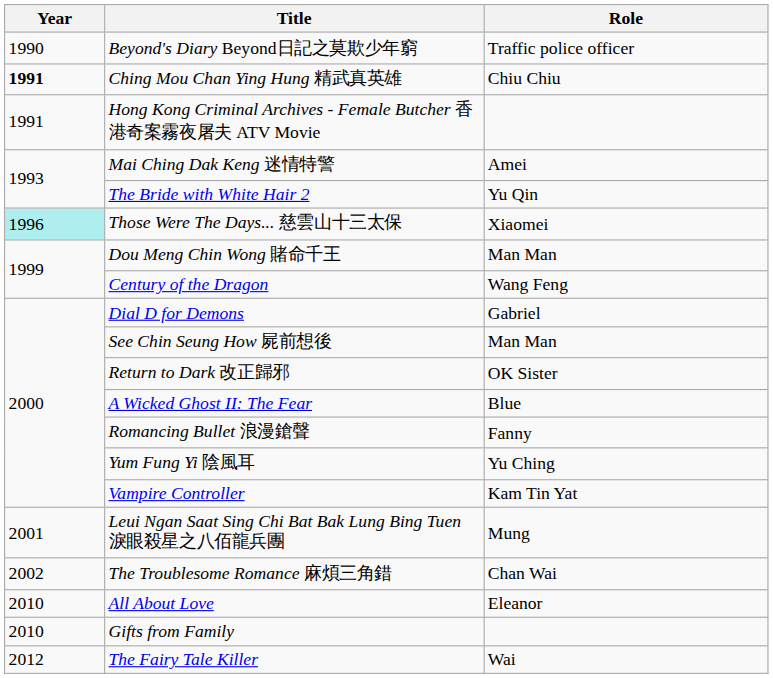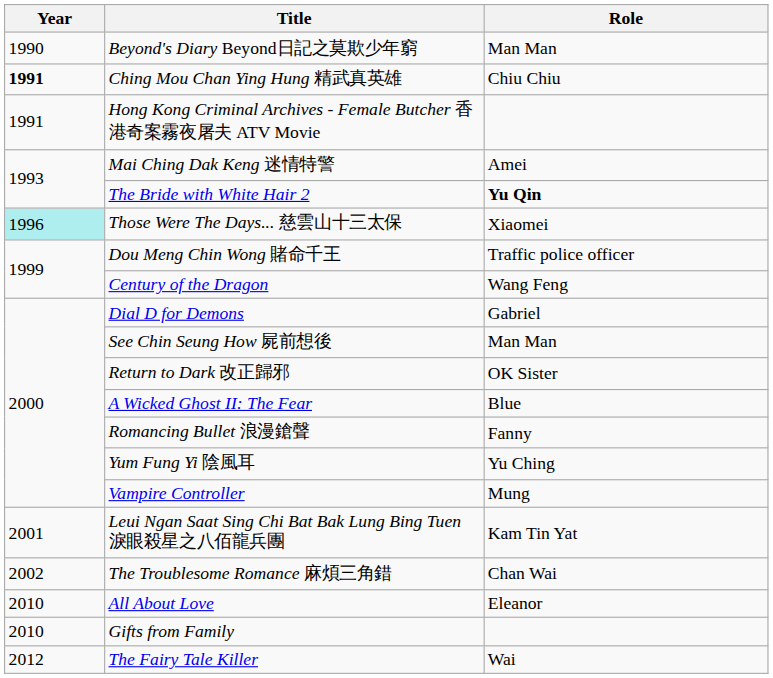 <table class="wikitable" width=55%>
 <tr>
 <th width=5%>Year</th>
 <th width=20%>Title</th>
 <th width=15%>Role</th>
 </tr>
 <tr>
 <td>1990</td>
 <td><em>Beyond's Diary</em> Beyond日記之莫欺少年窮</td>
-<td>Traffic police officer</td>
+<td>Man Man</td>
 </tr>
 <tr>
 <td><strong>1991</strong></td>
 <td><em>Ching Mou Chan Ying Hung</em> 精武真英雄</td>
 <td>Chiu Chiu</td>
 </tr>
 <tr>
 <td>1991</td>
 <td><em>Hong Kong Criminal Archives - Female Butcher</em> 香港奇案霧夜屠夫 ATV Movie</td>
 </tr>
 <tr>
 <td rowspan="2">1993</td>
 <td><em>Mai Ching Dak Keng</em> 迷情特警</td>
 <td>Amei</td>
 </tr>
 <tr>
 <td><em><a href='#'>The Bride with White Hair 2</a></em></td>
-<td>Yu Qin</td>
+<td><strong>Yu Qin</strong></td>
 </tr>
 <tr>
 <td style="background: paleturquoise;">1996</td>
 <td><em>Those Were The Days...</em> 慈雲山十三太保</td>
 <td>Xiaomei</td>
 </tr>
 <tr>
 <td rowspan="2">1999</td>
 <td><em>Dou Meng Chin Wong</em> 賭命千王</td>
-<td>Man Man</td>
+<td>Traffic police officer</td>
 </tr>
 <tr>
 <td><em><a href='#'>Century of the Dragon</a></em></td>
 <td>Wang Feng</td>
 </tr>
 <tr>
 <td rowspan="7">2000</td>
 <td><em><a href='#'>Dial D for Demons</a></em></td>
 <td>Gabriel</td>
 </tr>
 <tr>
 <td><em>See Chin Seung How</em> 屍前想後</td>
 <td>Man Man</td>
 </tr>
 <tr>
 <td><em>Return to Dark</em> 改正歸邪</td>
 <td>OK Sister</td>
 </tr>
 <tr>
 <td><em><a href='#'>A Wicked Ghost II: The Fear</a></em></td>
 <td>Blue</td>
 </tr>
 <tr>
 <td><em>Romancing Bullet</em> 浪漫鎗聲</td>
 <td>Fanny</td>
 </tr>
 <tr>
 <td><em>Yum Fung Yi</em> 陰風耳</td>
 <td>Yu Ching</td>
 </tr>
 <tr>
 <td><em><a href='#'>Vampire Controller</a></em></td>
-<td>Kam Tin Yat</td>
+<td>Mung</td>
 </tr>
 <tr>
 <td>2001</td>
 <td><em>Leui Ngan Saat Sing Chi Bat Bak Lung Bing Tuen</em> 淚眼殺星之八佰龍兵團</td>
-<td>Mung</td>
+<td>Kam Tin Yat</td>
 </tr>
 <tr>
 <td>2002</td>
 <td><em>The Troublesome Romance</em> 麻煩三角錯</td>
 <td>Chan Wai</td>
 </tr>
 <tr>
 <td>2010</td>
 <td><em><a href='#'>All About Love</a></em></td>
 <td>Eleanor</td>
 </tr>
 <tr>
 <td>2010</td>
 <td><em>Gifts from Family</em></td>
 <td></td>
 </tr>
 <tr>
 <td>2012</td>
 <td><em><a href='#'>The Fairy Tale Killer</a></em></td>
 <td>Wai</td>
 </tr>
 </table>
